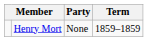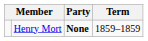 <table class="wikitable">
 <tr>
 <th colspan="2">Member</th>
 <th>Party</th>
 <th>Term</th>
 </tr>
 <tr>
 <td> </td>
 <td><a href='#'>Henry Mort</a></td>
-<td>None</td>
+<td><strong>None</strong></td>
 <td>1859–1859</td>
 </tr>
 </table>
